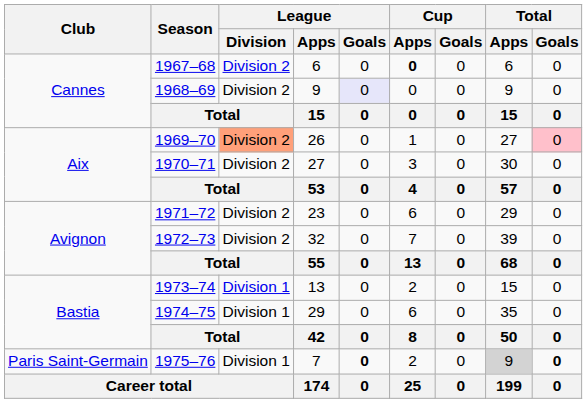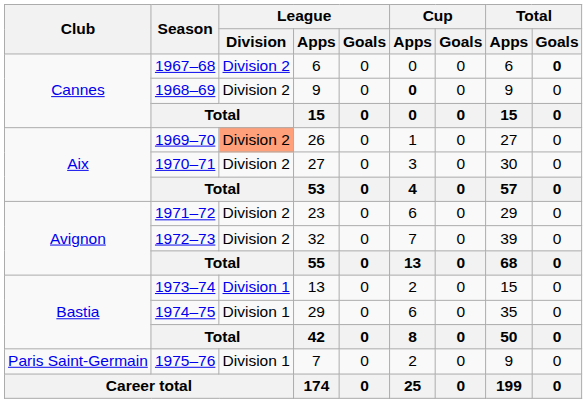 <table class="wikitable" style="text-align:center">
 <tr>
 <th rowspan="2">Club</th>
 <th rowspan="2">Season</th>
 <th colspan="3">League</th>
 <th colspan="2">Cup</th>
 <th colspan="2">Total</th>
 </tr>
 <tr>
 <th>Division</th>
 <th>Apps</th>
 <th>Goals</th>
 <th>Apps</th>
 <th>Goals</th>
 <th>Apps</th>
 <th>Goals</th>
 </tr>
 <tr>
 <td rowspan="3"><a href='#'>Cannes</a></td>
 <td><a href='#'>1967–68</a></td>
 <td><a href='#'>Division 2</a></td>
 <td>6</td>
 <td>0</td>
-<td><strong>0</strong></td>
+<td>0</td>
 <td>0</td>
 <td>6</td>
-<td>0</td>
+<td><strong>0</strong></td>
 </tr>
 <tr>
 <td><a href='#'>1968–69</a></td>
 <td>Division 2</td>
 <td>9</td>
-<td style="background: lavender;">0</td>
 <td>0</td>
+<td><strong>0</strong></td>
 <td>0</td>
 <td>9</td>
 <td>0</td>
 </tr>
 <tr>
 <th colspan="2">Total</th>
 <th>15</th>
 <th>0</th>
 <th>0</th>
 <th>0</th>
 <th>15</th>
 <th>0</th>
 </tr>
 <tr>
 <td rowspan="3"><a href='#'>Aix</a></td>
 <td><a href='#'>1969–70</a></td>
 <td style="background: lightsalmon;">Division 2</td>
 <td>26</td>
 <td>0</td>
 <td>1</td>
 <td>0</td>
 <td>27</td>
-<td style="background: pink;">0</td>
+<td>0</td>
 </tr>
 <tr>
 <td><a href='#'>1970–71</a></td>
 <td>Division 2</td>
 <td>27</td>
 <td>0</td>
 <td>3</td>
 <td>0</td>
 <td>30</td>
 <td>0</td>
 </tr>
 <tr>
 <th colspan="2">Total</th>
 <th>53</th>
 <th>0</th>
 <th>4</th>
 <th>0</th>
 <th>57</th>
 <th>0</th>
 </tr>
 <tr>
 <td rowspan="3"><a href='#'>Avignon</a></td>
 <td><a href='#'>1971–72</a></td>
 <td>Division 2</td>
 <td>23</td>
 <td>0</td>
 <td>6</td>
 <td>0</td>
 <td>29</td>
 <td>0</td>
 </tr>
 <tr>
 <td><a href='#'>1972–73</a></td>
 <td>Division 2</td>
 <td>32</td>
 <td>0</td>
 <td>7</td>
 <td>0</td>
 <td>39</td>
 <td>0</td>
 </tr>
 <tr>
 <th colspan="2">Total</th>
 <th>55</th>
 <th>0</th>
 <th>13</th>
 <th>0</th>
 <th>68</th>
 <th>0</th>
 </tr>
 <tr>
 <td rowspan="3"><a href='#'>Bastia</a></td>
 <td><a href='#'>1973–74</a></td>
 <td><a href='#'>Division 1</a></td>
 <td>13</td>
 <td>0</td>
 <td>2</td>
 <td>0</td>
 <td>15</td>
 <td>0</td>
 </tr>
 <tr>
 <td><a href='#'>1974–75</a></td>
 <td>Division 1</td>
 <td>29</td>
 <td>0</td>
 <td>6</td>
 <td>0</td>
 <td>35</td>
 <td>0</td>
 </tr>
 <tr>
 <th colspan="2">Total</th>
 <th>42</th>
 <th>0</th>
 <th>8</th>
 <th>0</th>
 <th>50</th>
 <th>0</th>
 </tr>
 <tr>
 <td><a href='#'>Paris Saint-Germain</a></td>
 <td><a href='#'>1975–76</a></td>
 <td>Division 1</td>
 <td>7</td>
-<td><strong>0</strong></td>
+<td>0</td>
 <td>2</td>
 <td>0</td>
-<td style="background: lightgrey;">9</td>
-<td><strong>0</strong></td>
+<td>9</td>
+<td>0</td>
 </tr>
 <tr>
 <th colspan="3">Career total</th>
 <th>174</th>
 <th>0</th>
 <th>25</th>
 <th>0</th>
 <th>199</th>
 <th>0</th>
 </tr>
 </table>
